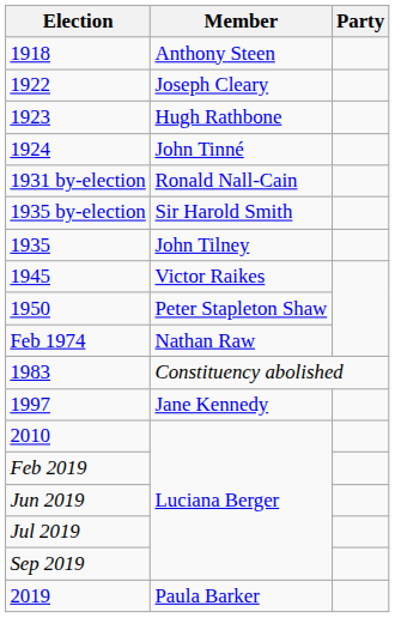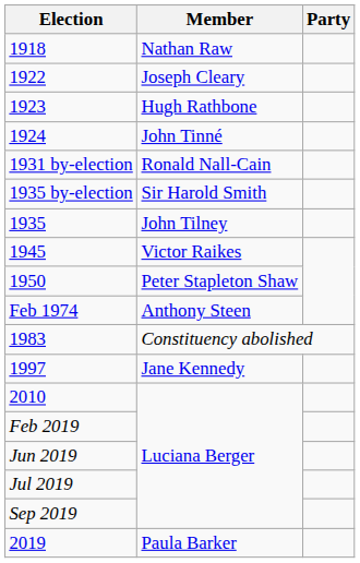 <table class="wikitable">
 <tr>
 <th>Election</th>
 <th>Member</th>
 <th colspan=2>Party</th>
 </tr>
 <tr>
 <td><a href='#'>1918</a></td>
-<td><a href='#'>Anthony Steen</a></td>
+<td><a href='#'>Nathan Raw</a></td>
 <td></td>
 </tr>
 <tr>
 <td><a href='#'>1922</a></td>
 <td><a href='#'>Joseph Cleary</a></td>
 <td></td>
 </tr>
 <tr>
 <td><a href='#'>1923</a></td>
 <td><a href='#'>Hugh Rathbone</a></td>
 <td></td>
 </tr>
 <tr>
 <td><a href='#'>1924</a></td>
 <td><a href='#'>John Tinné</a></td>
 <td></td>
 </tr>
 <tr>
 <td><a href='#'>1931 by-election</a></td>
 <td><a href='#'>Ronald Nall-Cain</a></td>
 <td></td>
 </tr>
 <tr>
 <td><a href='#'>1935 by-election</a></td>
 <td><a href='#'>Sir Harold Smith</a></td>
 <td></td>
 </tr>
 <tr>
 <td><a href='#'>1935</a></td>
 <td><a href='#'>John Tilney</a></td>
 <td></td>
 </tr>
 <tr>
 <td><a href='#'>1945</a></td>
 <td><a href='#'>Victor Raikes</a></td>
 </tr>
 <tr>
 <td><a href='#'>1950</a></td>
 <td><a href='#'>Peter Stapleton Shaw</a></td>
 </tr>
 <tr>
 <td><a href='#'>Feb 1974</a></td>
-<td><a href='#'>Nathan Raw</a></td>
+<td><a href='#'>Anthony Steen</a></td>
 </tr>
 <tr>
 <td><a href='#'>1983</a></td>
 <td colspan="3"><em>Constituency abolished</em></td>
 </tr>
 <tr>
 <td><a href='#'>1997</a></td>
 <td><a href='#'>Jane Kennedy</a></td>
 <td></td>
 </tr>
 <tr>
 <td><a href='#'>2010</a></td>
 <td rowspan="5"><a href='#'>Luciana Berger</a></td>
 <td></td>
 </tr>
 <tr>
 <td><em>Feb 2019</em></td>
 <td></td>
 </tr>
 <tr>
 <td><em>Jun 2019</em></td>
 <td></td>
 </tr>
 <tr>
 <td><em>Jul 2019</em></td>
 <td></td>
 </tr>
 <tr>
 <td><em>Sep 2019</em></td>
 <td></td>
 </tr>
 <tr>
 <td><a href='#'>2019</a></td>
 <td><a href='#'>Paula Barker</a></td>
 <td></td>
 </tr>
 </table>
